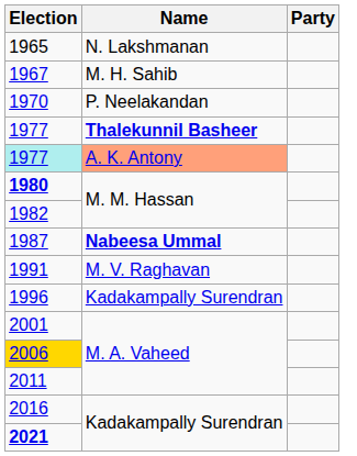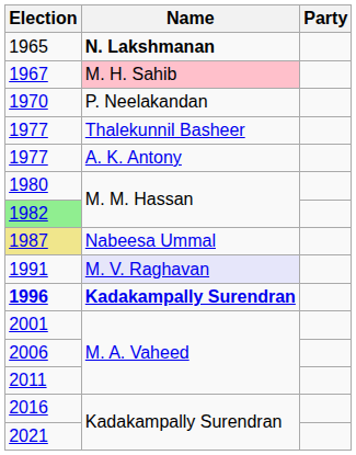 <table class="wikitable sortable">
 <tr>
 <th>Election</th>
 <th>Name</th>
 <th colspan=2>Party</th>
 </tr>
 <tr>
 <td>1965</td>
-<td>N. Lakshmanan</td>
+<td><strong>N. Lakshmanan</strong></td>
 <td></td>
 </tr>
 <tr>
 <td><a href='#'>1967</a></td>
-<td>M. H. Sahib</td>
+<td style="background: pink;">M. H. Sahib</td>
 <td></td>
 </tr>
 <tr>
 <td><a href='#'>1970</a></td>
 <td>P. Neelakandan</td>
 <td></td>
 </tr>
 <tr>
 <td><a href='#'>1977</a></td>
-<td><strong><a href='#'>Thalekunnil Basheer</a></strong></td>
+<td><a href='#'>Thalekunnil Basheer</a></td>
 <td></td>
 </tr>
 <tr>
-<td style="background: paleturquoise;"><a href='#'>1977</a></td>
-<td style="background: lightsalmon;"><a href='#'>A. K. Antony</a></td>
+<td><a href='#'>1977</a></td>
+<td><a href='#'>A. K. Antony</a></td>
 </tr>
 <tr>
-<td><strong><a href='#'>1980</a></strong></td>
+<td><a href='#'>1980</a></td>
 <td rowspan="2">M. M. Hassan</td>
 <td></td>
 </tr>
 <tr>
-<td><a href='#'>1982</a></td>
+<td style="background: lightgreen;"><a href='#'>1982</a></td>
 <td></td>
 </tr>
 <tr>
-<td><a href='#'>1987</a></td>
-<td><strong><a href='#'>Nabeesa Ummal</a></strong></td>
+<td style="background: khaki;"><a href='#'>1987</a></td>
+<td><a href='#'>Nabeesa Ummal</a></td>
 </tr>
 <tr>
 <td><a href='#'>1991</a></td>
-<td><a href='#'>M. V. Raghavan</a></td>
+<td style="background: lavender;"><a href='#'>M. V. Raghavan</a></td>
 <td></td>
 </tr>
 <tr>
-<td><a href='#'>1996</a></td>
-<td><a href='#'>Kadakampally Surendran</a></td>
+<td><strong><a href='#'>1996</a></strong></td>
+<td><strong><a href='#'>Kadakampally Surendran</a></strong></td>
 <td></td>
 </tr>
 <tr>
 <td><a href='#'>2001</a></td>
 <td rowspan="3"><a href='#'>M. A. Vaheed</a></td>
 <td></td>
 </tr>
 <tr>
-<td style="background: gold;"><a href='#'>2006</a></td>
+<td><a href='#'>2006</a></td>
 <td></td>
 </tr>
 <tr>
 <td><a href='#'>2011</a></td>
 </tr>
 <tr>
 <td><a href='#'>2016</a></td>
 <td rowspan="2">Kadakampally Surendran</td>
 <td></td>
 </tr>
 <tr>
-<td><strong><a href='#'>2021</a></strong></td>
+<td><a href='#'>2021</a></td>
 </tr>
 </table>
